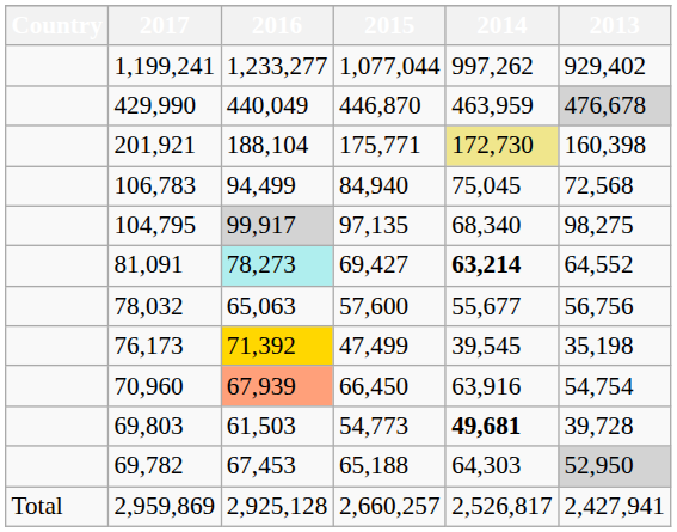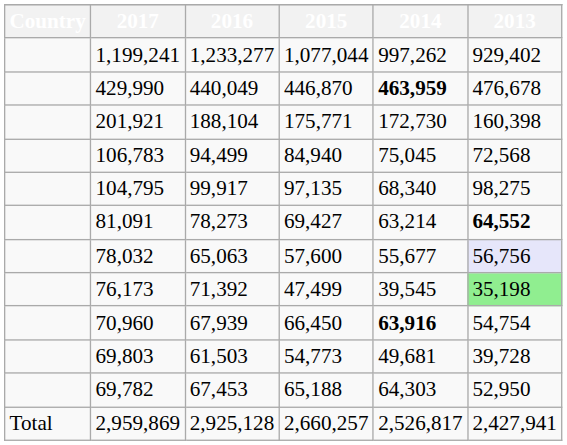 <table class="wikitable sortable">
 <tr>
 </tr>
 <tr style="color:white;">
 <th>Country</th>
 <th>2017</th>
 <th>2016</th>
 <th>2015</th>
 <th>2014</th>
 <th>2013</th>
 </tr>
 <tr>
 <td></td>
 <td>1,199,241</td>
 <td>1,233,277</td>
 <td>1,077,044</td>
 <td>997,262</td>
 <td>929,402</td>
 </tr>
 <tr>
 <td></td>
 <td>429,990</td>
 <td>440,049</td>
 <td>446,870</td>
-<td>463,959</td>
-<td style="background: lightgrey;">476,678</td>
+<td><strong>463,959</strong></td>
+<td>476,678</td>
 </tr>
 <tr>
 <td></td>
 <td>201,921</td>
 <td>188,104</td>
 <td>175,771</td>
-<td style="background: khaki;">172,730</td>
+<td>172,730</td>
 <td>160,398</td>
 </tr>
 <tr>
 <td></td>
 <td>106,783</td>
 <td>94,499</td>
 <td>84,940</td>
 <td>75,045</td>
 <td>72,568</td>
 </tr>
 <tr>
 <td></td>
 <td>104,795</td>
-<td style="background: lightgrey;">99,917</td>
+<td>99,917</td>
 <td>97,135</td>
 <td>68,340</td>
 <td>98,275</td>
 </tr>
 <tr>
 <td></td>
 <td>81,091</td>
-<td style="background: paleturquoise;">78,273</td>
+<td>78,273</td>
 <td>69,427</td>
-<td><strong>63,214</strong></td>
-<td>64,552</td>
+<td>63,214</td>
+<td><strong>64,552</strong></td>
 </tr>
 <tr>
 <td></td>
 <td>78,032</td>
 <td>65,063</td>
 <td>57,600</td>
 <td>55,677</td>
-<td>56,756</td>
+<td style="background: lavender;">56,756</td>
 </tr>
 <tr>
 <td></td>
 <td>76,173</td>
-<td style="background: gold;">71,392</td>
+<td>71,392</td>
 <td>47,499</td>
 <td>39,545</td>
-<td>35,198</td>
+<td style="background: lightgreen;">35,198</td>
 </tr>
 <tr>
 <td></td>
 <td>70,960</td>
-<td style="background: lightsalmon;">67,939</td>
+<td>67,939</td>
 <td>66,450</td>
-<td>63,916</td>
+<td><strong>63,916</strong></td>
 <td>54,754</td>
 </tr>
 <tr>
 <td></td>
 <td>69,803</td>
 <td>61,503</td>
 <td>54,773</td>
-<td><strong>49,681</strong></td>
+<td>49,681</td>
 <td>39,728</td>
 </tr>
 <tr>
 <td></td>
 <td>69,782</td>
 <td>67,453</td>
 <td>65,188</td>
 <td>64,303</td>
-<td style="background: lightgrey;">52,950</td>
+<td>52,950</td>
 </tr>
 <tr>
 <td>Total</td>
 <td>2,959,869</td>
 <td>2,925,128</td>
 <td>2,660,257</td>
 <td>2,526,817</td>
 <td>2,427,941</td>
 </tr>
 </table>
